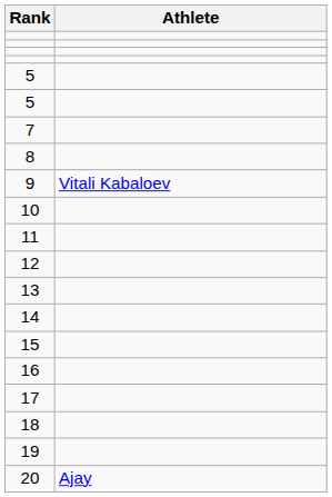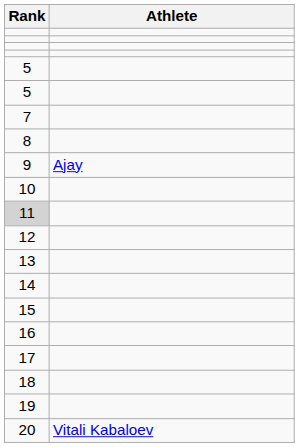 <table class="wikitable" style="text-align: center;">
 <tr>
 <th width=40>Rank</th>
 <th width=250>Athlete</th>
 </tr>
 <tr>
 <td></td>
 <td align="left"></td>
 </tr>
 <tr>
 <td></td>
 <td align="left"></td>
 </tr>
 <tr>
 <td></td>
 <td align="left"></td>
 </tr>
 <tr>
 <td></td>
 <td align="left"></td>
 </tr>
 <tr>
 <td>5</td>
 <td align="left"></td>
 </tr>
 <tr>
 <td>5</td>
 <td align="left"></td>
 </tr>
 <tr>
 <td>7</td>
 <td align="left"></td>
 </tr>
 <tr>
 <td>8</td>
 <td align="left"></td>
 </tr>
 <tr>
 <td>9</td>
-<td align="left"> <a href='#'>Vitali Kabaloev</a> </td>
+<td align="left"> <a href='#'>Ajay</a> </td>
 </tr>
 <tr>
 <td>10</td>
 <td align="left"></td>
 </tr>
 <tr>
-<td>11</td>
+<td style="background: lightgrey;">11</td>
 <td align="left"></td>
 </tr>
 <tr>
 <td>12</td>
 <td align="left"></td>
 </tr>
 <tr>
 <td>13</td>
 <td align="left"></td>
 </tr>
 <tr>
 <td>14</td>
 <td align="left"></td>
 </tr>
 <tr>
 <td>15</td>
 <td align="left"></td>
 </tr>
 <tr>
 <td>16</td>
 <td align="left"></td>
 </tr>
 <tr>
 <td>17</td>
 <td align="left"></td>
 </tr>
 <tr>
 <td>18</td>
 <td align="left"></td>
 </tr>
 <tr>
 <td>19</td>
 <td align="left"></td>
 </tr>
 <tr>
 <td>20</td>
-<td align="left"> <a href='#'>Ajay</a> </td>
+<td align="left"> <a href='#'>Vitali Kabaloev</a> </td>
 </tr>
 </table>
